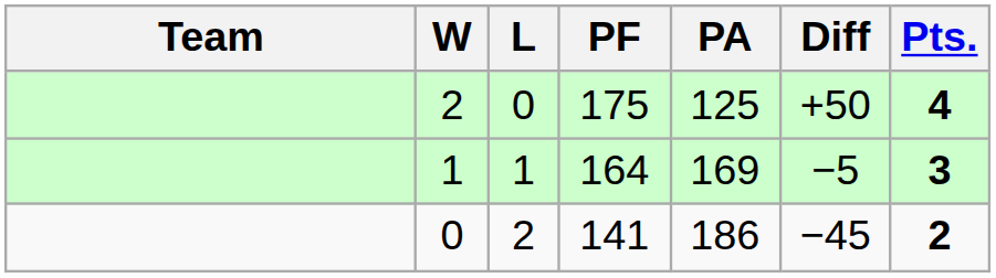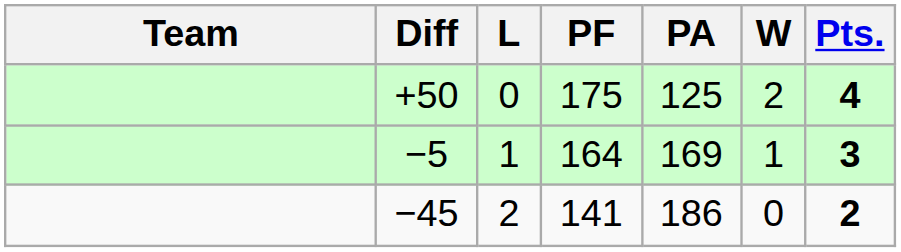 <table class=wikitable>
 <tr align=center>
 <th width=150px>Team</th>
-<th width=20px>W</th>
+<th width=35px>Diff</th>
 <th width=20px>L</th>
 <th width=35px>PF</th>
 <th width=35px>PA</th>
-<th width=35px>Diff</th>
+<th width=20px>W</th>
 <th width=30px><a href='#'>Pts.</a></th>
 </tr>
 <tr align=center bgcolor=ccffcc>
 <td align=left></td>
-<td>2</td>
+<td>+50</td>
 <td>0</td>
 <td>175</td>
 <td>125</td>
-<td>+50</td>
+<td>2</td>
 <td><strong>4</strong></td>
 </tr>
 <tr align=center bgcolor=ccffcc>
 <td align=left></td>
-<td>1</td>
+<td>−5</td>
 <td>1</td>
 <td>164</td>
 <td>169</td>
-<td>−5</td>
+<td>1</td>
 <td><strong>3</strong></td>
 </tr>
 <tr align=center>
 <td align=left></td>
-<td>0</td>
+<td>−45</td>
 <td>2</td>
 <td>141</td>
 <td>186</td>
-<td>−45</td>
+<td>0</td>
 <td><strong>2</strong></td>
 </tr>
 </table>
